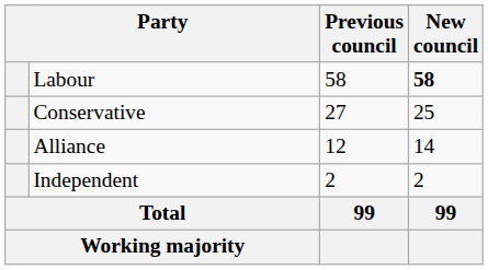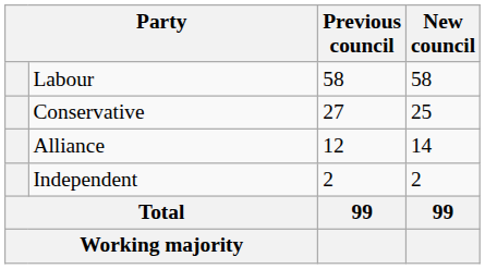 <table class="wikitable">
 <tr>
 <th valign=top colspan="2" style="width: 230px">Party</th>
 <th valign=top style="width: 30px">Previous council</th>
 <th valign=top style="width: 30px">New council</th>
 </tr>
 <tr>
 <th style="background-color: "></th>
 <td>Labour</td>
 <td>58</td>
-<td><strong>58</strong></td>
+<td>58</td>
 </tr>
 <tr>
 <th style="background-color: "></th>
 <td>Conservative</td>
 <td>27</td>
 <td>25</td>
 </tr>
 <tr>
 <th style="background-color: "></th>
 <td>Alliance</td>
 <td>12</td>
 <td>14</td>
 </tr>
 <tr>
 <th style="background-color: "></th>
 <td>Independent</td>
 <td>2</td>
 <td>2</td>
 </tr>
 <tr>
 <th colspan=2>Total</th>
 <th style="text-align: center">99</th>
 <th colspan=3>99</th>
 </tr>
 <tr>
 <th colspan=2>Working majority</th>
 <th></th>
 <th></th>
 </tr>
 </table>
